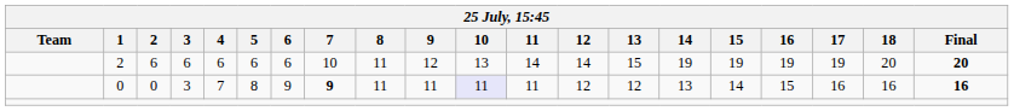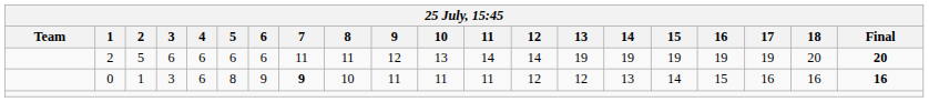 <table class=wikitable style="text-align:center; width: 55%">
 <tr>
 <th colspan=20><em>25 July, 15:45</em></th>
 </tr>
 <tr>
 <th>Team</th>
 <th>1</th>
 <th>2</th>
 <th>3</th>
 <th>4</th>
 <th>5</th>
 <th>6</th>
 <th>7</th>
 <th>8</th>
 <th>9</th>
 <th>10</th>
 <th>11</th>
 <th>12</th>
 <th>13</th>
 <th>14</th>
 <th>15</th>
 <th>16</th>
 <th>17</th>
 <th>18</th>
 <th>Final</th>
 </tr>
 <tr>
 <td align=left><strong></strong></td>
 <td>2</td>
+<td>5</td>
 <td>6</td>
 <td>6</td>
 <td>6</td>
 <td>6</td>
-<td>6</td>
-<td>10</td>
+<td>11</td>
 <td>11</td>
 <td>12</td>
 <td>13</td>
 <td>14</td>
 <td>14</td>
-<td>15</td>
+<td>19</td>
 <td>19</td>
 <td>19</td>
 <td>19</td>
 <td>19</td>
 <td>20</td>
 <td><strong>20</strong></td>
 </tr>
 <tr>
 <td align=left></td>
 <td>0</td>
-<td>0</td>
+<td>1</td>
 <td>3</td>
-<td>7</td>
+<td>6</td>
 <td>8</td>
 <td>9</td>
 <td><strong>9</strong></td>
+<td>10</td>
 <td>11</td>
 <td>11</td>
-<td style="background: lavender;">11</td>
 <td>11</td>
 <td>12</td>
 <td>12</td>
 <td>13</td>
 <td>14</td>
 <td>15</td>
 <td>16</td>
 <td>16</td>
 <td><strong>16</strong></td>
 </tr>
 <tr>
 <td colspan=20></td>
 </tr>
 </table>
